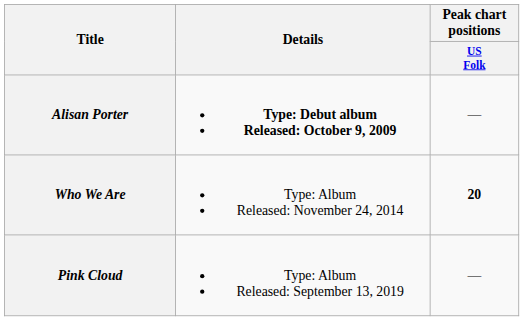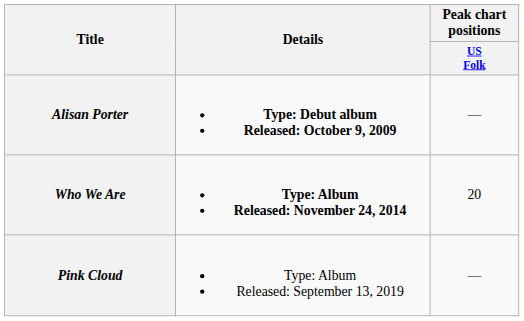 <table class="wikitable plainrowheaders" style="text-align:center;">
 <tr>
 <th style="width:12em;" rowspan="2">Title</th>
 <th style="width:18em;" rowspan="2">Details</th>
 <th style="width:6em;">Peak chart positions</th>
 </tr>
 <tr style="font-size:smaller;">
 <th><a href='#'>US<br>Folk</a><br></th>
 </tr>
 <tr>
 <th scope="row"><em>Alisan Porter</em></th>
 <td><strong><br><ul><li>Type: Debut album</li><li>Released: October 9, 2009</li></ul></strong></td>
 <td>—</td>
 </tr>
 <tr>
 <th scope="row"><em>Who We Are</em></th>
-<td><br><ul><li>Type: Album</li><li>Released: November 24, 2014</li></ul></td>
-<td><strong>20</strong></td>
+<td><strong><br><ul><li>Type: Album</li><li>Released: November 24, 2014</li></ul></strong></td>
+<td>20</td>
 </tr>
 <tr>
 <th scope="row"><em>Pink Cloud</em></th>
 <td><br><ul><li>Type: Album</li><li>Released: September 13, 2019</li></ul></td>
 <td>—</td>
 </tr>
 </table>
